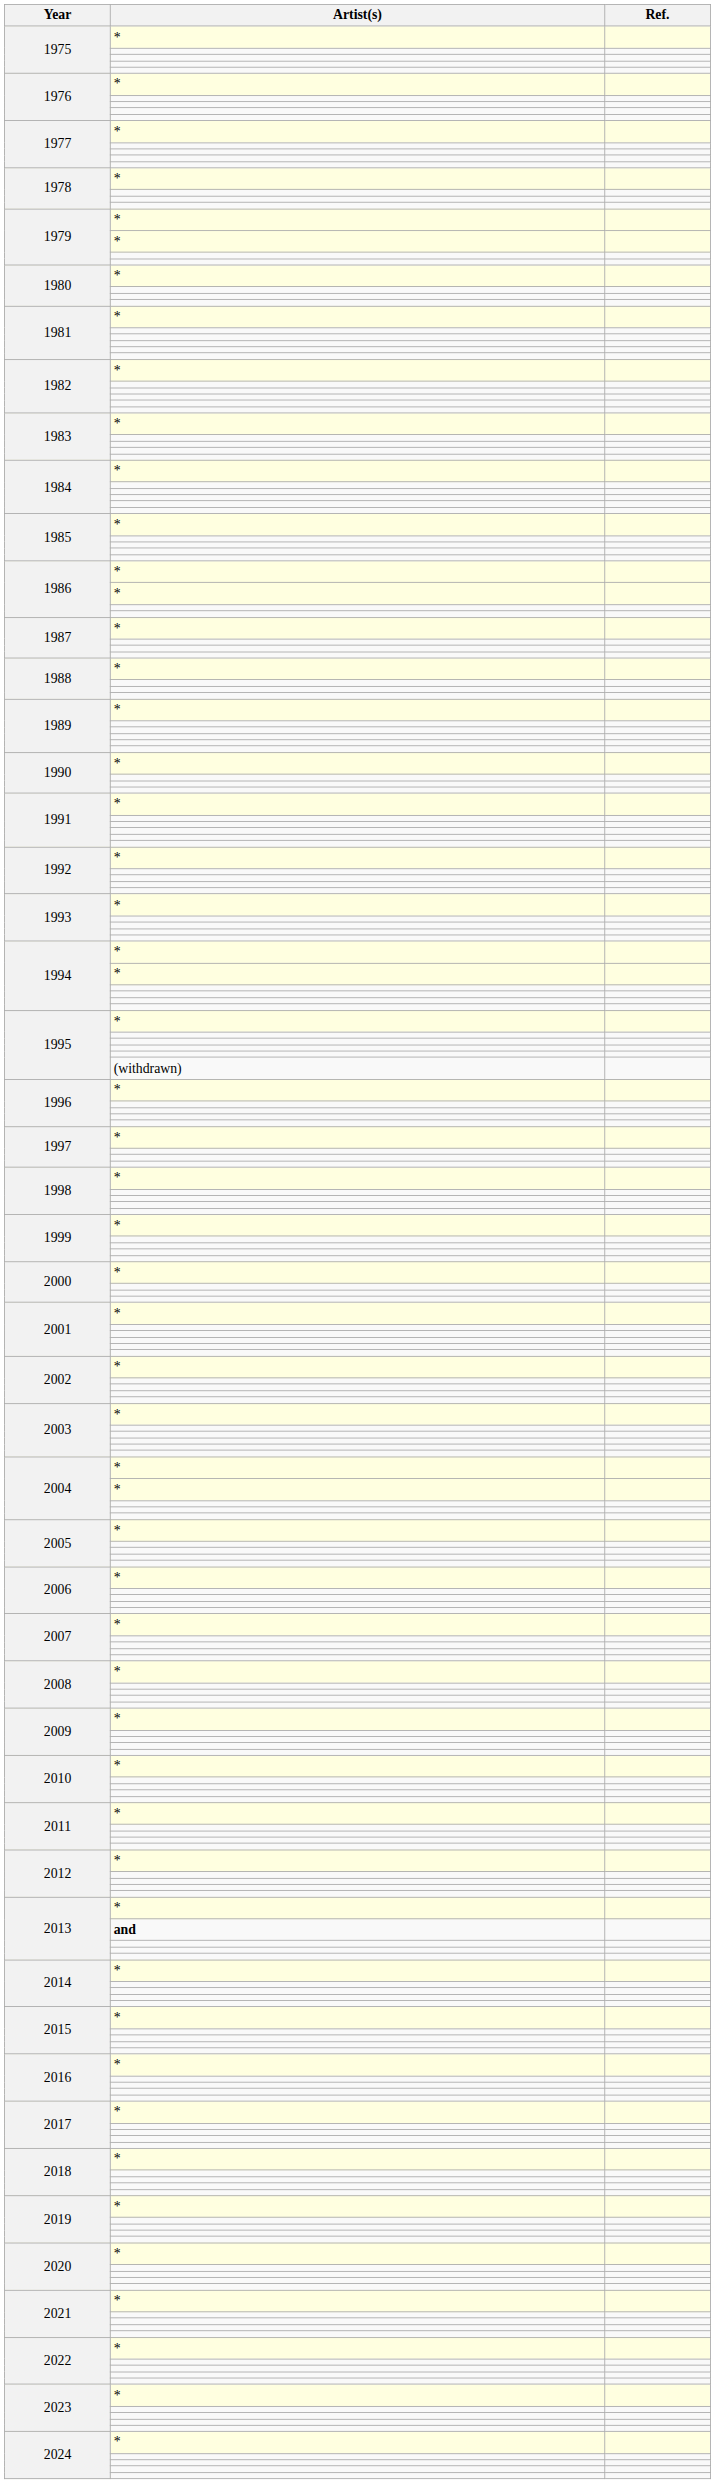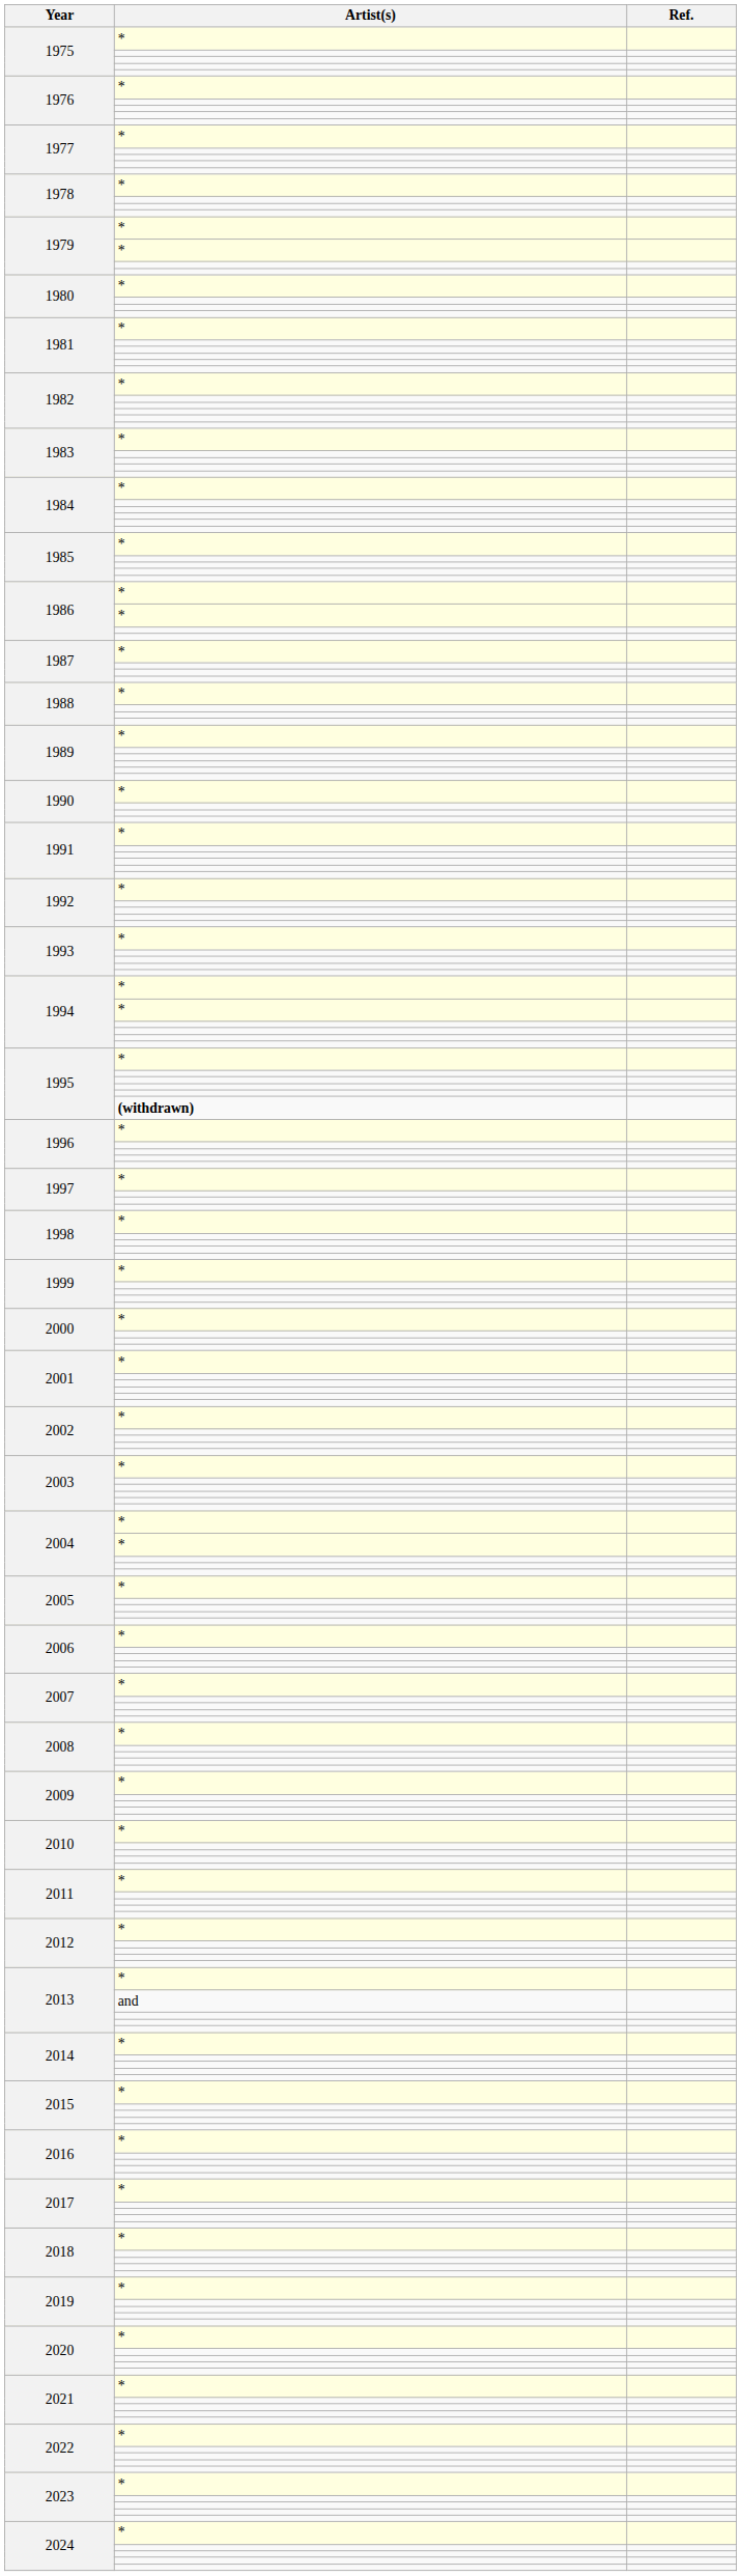 <table class="sortable wikitable" width="65%" cellpadding="5" style="margin: 1em auto 1em auto">
 <tr>
 <th width="15%" scope="col">Year</th>
 <th width="70%" scope="col">Artist(s)</th>
 <th width="15%" scope="col" class="unsortable">Ref.</th>
 </tr>
 <tr style="background:lightyellow;">
 <th scope="rowgroup" align="center" rowspan="5" style="font-weight:normal;">1975</th>
 <td>*</td>
 <td align="center"></td>
 </tr>
 <tr>
 <td></td>
 <td align="center"></td>
 </tr>
 <tr>
 <td></td>
 <td align="center"></td>
 </tr>
 <tr>
 <td></td>
 <td align="center"></td>
 </tr>
 <tr>
 <td></td>
 <td align="center"></td>
 </tr>
 <tr style="background:lightyellow;">
 <th scope="rowgroup" align="center" rowspan="5" style="font-weight:normal;">1976</th>
 <td>*</td>
 <td align="center"></td>
 </tr>
 <tr>
 <td></td>
 <td align="center"></td>
 </tr>
 <tr>
 <td></td>
 <td align="center"></td>
 </tr>
 <tr>
 <td></td>
 <td align="center"></td>
 </tr>
 <tr>
 <td></td>
 <td align="center"></td>
 </tr>
 <tr style="background:lightyellow;">
 <th scope="rowgroup" align="center" rowspan="5" style="font-weight:normal;">1977</th>
 <td>*</td>
 <td align="center"></td>
 </tr>
 <tr>
 <td></td>
 <td align="center"></td>
 </tr>
 <tr>
 <td></td>
 <td align="center"></td>
 </tr>
 <tr>
 <td></td>
 <td align="center"></td>
 </tr>
 <tr>
 <td></td>
 <td align="center"></td>
 </tr>
 <tr style="background:lightyellow;">
 <th scope="rowgroup" align="center" rowspan="4" style="font-weight:normal;">1978</th>
 <td>*</td>
 <td align="center"></td>
 </tr>
 <tr>
 <td></td>
 <td align="center"></td>
 </tr>
 <tr>
 <td></td>
 <td align="center"></td>
 </tr>
 <tr>
 <td></td>
 <td align="center"></td>
 </tr>
 <tr style="background:lightyellow;">
 <th scope="rowgroup" align="center" rowspan="4" style="font-weight:normal;">1979</th>
 <td>*</td>
 <td align="center"></td>
 </tr>
 <tr style="background:lightyellow;">
 <td>*</td>
 <td align="center"></td>
 </tr>
 <tr>
 <td></td>
 <td align="center"></td>
 </tr>
 <tr>
 <td></td>
 <td align="center"></td>
 </tr>
 <tr style="background:lightyellow;">
 <th scope="rowgroup" align="center" rowspan="4" style="font-weight:normal;">1980</th>
 <td>*</td>
 <td align="center"></td>
 </tr>
 <tr>
 <td></td>
 <td align="center"></td>
 </tr>
 <tr>
 <td></td>
 <td align="center"></td>
 </tr>
 <tr>
 <td></td>
 <td align="center"></td>
 </tr>
 <tr style="background:lightyellow;">
 <th scope="rowgroup" align="center" rowspan="6" style="font-weight:normal;">1981</th>
 <td>*</td>
 <td align="center"></td>
 </tr>
 <tr>
 <td></td>
 <td align="center"></td>
 </tr>
 <tr>
 <td></td>
 <td align="center"></td>
 </tr>
 <tr>
 <td></td>
 <td align="center"></td>
 </tr>
 <tr>
 <td></td>
 <td align="center"></td>
 </tr>
 <tr>
 <td></td>
 <td align="center"></td>
 </tr>
 <tr style="background:lightyellow;">
 <th scope="rowgroup" align="center" rowspan="6" style="font-weight:normal;">1982</th>
 <td>*</td>
 <td align="center"></td>
 </tr>
 <tr>
 <td></td>
 <td align="center"></td>
 </tr>
 <tr>
 <td></td>
 <td align="center"></td>
 </tr>
 <tr>
 <td></td>
 <td align="center"></td>
 </tr>
 <tr>
 <td></td>
 <td align="center"></td>
 </tr>
 <tr>
 <td></td>
 <td align="center"></td>
 </tr>
 <tr style="background:lightyellow;">
 <th scope="rowgroup" align="center" rowspan="5" style="font-weight:normal;">1983</th>
 <td>*</td>
 <td align="center"></td>
 </tr>
 <tr>
 <td></td>
 <td align="center"></td>
 </tr>
 <tr>
 <td></td>
 <td align="center"></td>
 </tr>
 <tr>
 <td></td>
 <td align="center"></td>
 </tr>
 <tr>
 <td></td>
 <td align="center"></td>
 </tr>
 <tr style="background:lightyellow;">
 <th scope="rowgroup" align="center" rowspan="6" style="font-weight:normal;">1984</th>
 <td>*</td>
 <td align="center"></td>
 </tr>
 <tr>
 <td></td>
 <td align="center"></td>
 </tr>
 <tr>
 <td></td>
 <td align="center"></td>
 </tr>
 <tr>
 <td></td>
 <td align="center"></td>
 </tr>
 <tr>
 <td></td>
 <td align="center"></td>
 </tr>
 <tr>
 <td></td>
 <td align="center"></td>
 </tr>
 <tr style="background:lightyellow;">
 <th scope="rowgroup" align="center" rowspan="5" style="font-weight:normal;">1985</th>
 <td>*</td>
 <td align="center"></td>
 </tr>
 <tr>
 <td></td>
 <td align="center"></td>
 </tr>
 <tr>
 <td></td>
 <td align="center"></td>
 </tr>
 <tr>
 <td></td>
 <td align="center"></td>
 </tr>
 <tr>
 <td></td>
 <td align="center"></td>
 </tr>
 <tr style="background:lightyellow;">
 <th scope="rowgroup" align="center" rowspan="4" style="font-weight:normal;">1986</th>
 <td>*</td>
 <td align="center"></td>
 </tr>
 <tr style="background:lightyellow;">
 <td>*</td>
 <td align="center"></td>
 </tr>
 <tr>
 <td></td>
 <td align="center"></td>
 </tr>
 <tr>
 <td></td>
 <td align="center"></td>
 </tr>
 <tr style="background:lightyellow;">
 <th scope="rowgroup" align="center" rowspan="4" style="font-weight:normal;">1987</th>
 <td>*</td>
 <td align="center"></td>
 </tr>
 <tr>
 <td></td>
 <td align="center"></td>
 </tr>
 <tr>
 <td></td>
 <td align="center"></td>
 </tr>
 <tr>
 <td></td>
 <td align="center"></td>
 </tr>
 <tr style="background:lightyellow;">
 <th scope="rowgroup" align="center" rowspan="4" style="font-weight:normal;">1988</th>
 <td>*</td>
 <td align="center"></td>
 </tr>
 <tr>
 <td></td>
 <td align="center"></td>
 </tr>
 <tr>
 <td></td>
 <td align="center"></td>
 </tr>
 <tr>
 <td></td>
 <td align="center"></td>
 </tr>
 <tr style="background:lightyellow;">
 <th scope="rowgroup" align="center" rowspan="6" style="font-weight:normal;">1989</th>
 <td>*</td>
 <td align="center"></td>
 </tr>
 <tr>
 <td></td>
 <td align="center"></td>
 </tr>
 <tr>
 <td></td>
 <td align="center"></td>
 </tr>
 <tr>
 <td></td>
 <td align="center"></td>
 </tr>
 <tr>
 <td></td>
 <td align="center"></td>
 </tr>
 <tr>
 <td></td>
 <td align="center"></td>
 </tr>
 <tr style="background:lightyellow;">
 <th scope="rowgroup" align="center" rowspan="4" style="font-weight:normal;">1990</th>
 <td>*</td>
 <td align="center"></td>
 </tr>
 <tr>
 <td></td>
 <td align="center"></td>
 </tr>
 <tr>
 <td></td>
 <td align="center"></td>
 </tr>
 <tr>
 <td></td>
 <td align="center"></td>
 </tr>
 <tr style="background:lightyellow;">
 <th scope="rowgroup" align="center" rowspan="6" style="font-weight:normal;">1991</th>
 <td>*</td>
 <td align="center"></td>
 </tr>
 <tr>
 <td></td>
 <td align="center"></td>
 </tr>
 <tr>
 <td></td>
 <td align="center"></td>
 </tr>
 <tr>
 <td></td>
 <td align="center"></td>
 </tr>
 <tr>
 <td></td>
 <td align="center"></td>
 </tr>
 <tr>
 <td></td>
 <td align="center"></td>
 </tr>
 <tr style="background:lightyellow;">
 <th scope="rowgroup" align="center" rowspan="5" style="font-weight:normal;">1992</th>
 <td>*</td>
 <td align="center"></td>
 </tr>
 <tr>
 <td></td>
 <td align="center"></td>
 </tr>
 <tr>
 <td></td>
 <td align="center"></td>
 </tr>
 <tr>
 <td></td>
 <td align="center"></td>
 </tr>
 <tr>
 <td></td>
 <td align="center"></td>
 </tr>
 <tr style="background:lightyellow;">
 <th scope="rowgroup" align="center" rowspan="5" style="font-weight:normal;">1993</th>
 <td>*</td>
 <td align="center"></td>
 </tr>
 <tr>
 <td></td>
 <td align="center"></td>
 </tr>
 <tr>
 <td></td>
 <td align="center"></td>
 </tr>
 <tr>
 <td></td>
 <td align="center"></td>
 </tr>
 <tr>
 <td></td>
 <td align="center"></td>
 </tr>
 <tr style="background:lightyellow;">
 <th scope="rowgroup" align="center" rowspan="6" style="font-weight:normal;">1994</th>
 <td>*</td>
 <td align="center"></td>
 </tr>
 <tr style="background:lightyellow;">
 <td>*</td>
 <td align="center"></td>
 </tr>
 <tr>
 <td></td>
 <td align="center"></td>
 </tr>
 <tr>
 <td></td>
 <td align="center"></td>
 </tr>
 <tr>
 <td></td>
 <td align="center"></td>
 </tr>
 <tr>
 <td></td>
 <td align="center"></td>
 </tr>
 <tr style="background:lightyellow;">
 <th scope="rowgroup" align="center" rowspan="6" style="font-weight:normal;">1995</th>
 <td>*</td>
 <td align="center"></td>
 </tr>
 <tr>
 <td></td>
 <td align="center"></td>
 </tr>
 <tr>
 <td></td>
 <td align="center"></td>
 </tr>
 <tr>
 <td></td>
 <td align="center"></td>
 </tr>
 <tr>
 <td></td>
 <td align="center"></td>
 </tr>
 <tr>
-<td> (withdrawn)</td>
+<td><strong> (withdrawn)</strong></td>
 <td align="center"></td>
 </tr>
 <tr style="background:lightyellow;">
 <th scope="rowgroup" align="center" rowspan="5" style="font-weight:normal;">1996</th>
 <td>*</td>
 <td align="center"></td>
 </tr>
 <tr>
 <td></td>
 <td align="center"></td>
 </tr>
 <tr>
 <td></td>
 <td align="center"></td>
 </tr>
 <tr>
 <td></td>
 <td align="center"></td>
 </tr>
 <tr>
 <td></td>
 <td align="center"></td>
 </tr>
 <tr style="background:lightyellow;">
 <th scope="rowgroup" align="center" rowspan="4" style="font-weight:normal;">1997</th>
 <td>*</td>
 <td align="center"></td>
 </tr>
 <tr>
 <td></td>
 <td align="center"></td>
 </tr>
 <tr>
 <td></td>
 <td align="center"></td>
 </tr>
 <tr>
 <td></td>
 <td align="center"></td>
 </tr>
 <tr style="background:lightyellow;">
 <th scope="rowgroup" align="center" rowspan="5" style="font-weight:normal;">1998</th>
 <td>*</td>
 <td align="center"></td>
 </tr>
 <tr>
 <td></td>
 <td align="center"></td>
 </tr>
 <tr>
 <td></td>
 <td align="center"></td>
 </tr>
 <tr>
 <td></td>
 <td align="center"></td>
 </tr>
 <tr>
 <td></td>
 <td align="center"></td>
 </tr>
 <tr style="background:lightyellow;">
 <th scope="rowgroup" align="center" rowspan="5" style="font-weight:normal;">1999</th>
 <td>*</td>
 <td align="center"></td>
 </tr>
 <tr>
 <td></td>
 <td align="center"></td>
 </tr>
 <tr>
 <td></td>
 <td align="center"></td>
 </tr>
 <tr>
 <td></td>
 <td align="center"></td>
 </tr>
 <tr>
 <td></td>
 <td align="center"></td>
 </tr>
 <tr style="background:lightyellow;">
 <th scope="rowgroup" align="center" rowspan="4" style="font-weight:normal;">2000</th>
 <td>*</td>
 <td align="center"></td>
 </tr>
 <tr>
 <td></td>
 <td align="center"></td>
 </tr>
 <tr>
 <td></td>
 <td align="center"></td>
 </tr>
 <tr>
 <td></td>
 <td align="center"></td>
 </tr>
 <tr style="background:lightyellow;">
 <th scope="rowgroup" align="center" rowspan="6" style="font-weight:normal;">2001</th>
 <td>*</td>
 <td align="center"></td>
 </tr>
 <tr>
 <td></td>
 <td align="center"></td>
 </tr>
 <tr>
 <td></td>
 <td align="center"></td>
 </tr>
 <tr>
 <td></td>
 <td align="center"></td>
 </tr>
 <tr>
 <td></td>
 <td align="center"></td>
 </tr>
 <tr>
 <td></td>
 <td align="center"></td>
 </tr>
 <tr style="background:lightyellow;">
 <th scope="rowgroup" align="center" rowspan="5" style="font-weight:normal;">2002</th>
 <td>*</td>
 <td align="center"></td>
 </tr>
 <tr>
 <td></td>
 <td align="center"></td>
 </tr>
 <tr>
 <td></td>
 <td align="center"></td>
 </tr>
 <tr>
 <td></td>
 <td align="center"></td>
 </tr>
 <tr>
 <td></td>
 <td align="center"></td>
 </tr>
 <tr style="background:lightyellow;">
 <th scope="rowgroup" align="center" rowspan="6" style="font-weight:normal;">2003</th>
 <td>*</td>
 <td align="center"></td>
 </tr>
 <tr>
 <td></td>
 <td align="center"></td>
 </tr>
 <tr>
 <td></td>
 <td align="center"></td>
 </tr>
 <tr>
 <td></td>
 <td align="center"></td>
 </tr>
 <tr>
 <td></td>
 <td align="center"></td>
 </tr>
 <tr>
 <td></td>
 <td align="center"></td>
 </tr>
 <tr style="background:lightyellow;">
 <th scope="rowgroup" align="center" rowspan="5" style="font-weight:normal;">2004</th>
 <td>*</td>
 <td align="center"></td>
 </tr>
 <tr style="background:lightyellow;">
 <td>*</td>
 <td align="center"></td>
 </tr>
 <tr>
 <td></td>
 <td align="center"></td>
 </tr>
 <tr>
 <td></td>
 <td align="center"></td>
 </tr>
 <tr>
 <td></td>
 <td align="center"></td>
 </tr>
 <tr style="background:lightyellow;">
 <th scope="rowgroup" align="center" rowspan="5" style="font-weight:normal;">2005</th>
 <td>*</td>
 <td align="center"></td>
 </tr>
 <tr>
 <td></td>
 <td align="center"></td>
 </tr>
 <tr>
 <td></td>
 <td align="center"></td>
 </tr>
 <tr>
 <td></td>
 <td align="center"></td>
 </tr>
 <tr>
 <td></td>
 <td align="center"></td>
 </tr>
 <tr style="background:lightyellow;">
 <th scope="rowgroup" align="center" rowspan="5" style="font-weight:normal;">2006</th>
 <td>*</td>
 <td align="center"></td>
 </tr>
 <tr>
 <td></td>
 <td align="center"></td>
 </tr>
 <tr>
 <td></td>
 <td align="center"></td>
 </tr>
 <tr>
 <td></td>
 <td align="center"></td>
 </tr>
 <tr>
 <td></td>
 <td align="center"></td>
 </tr>
 <tr style="background:lightyellow;">
 <th scope="rowgroup" align="center" rowspan="5" style="font-weight:normal;">2007</th>
 <td>*</td>
 <td align="center"></td>
 </tr>
 <tr>
 <td></td>
 <td align="center"></td>
 </tr>
 <tr>
 <td></td>
 <td align="center"></td>
 </tr>
 <tr>
 <td></td>
 <td align="center"></td>
 </tr>
 <tr>
 <td></td>
 <td align="center"></td>
 </tr>
 <tr style="background:lightyellow;">
 <th scope="rowgroup" align="center" rowspan="5" style="font-weight:normal;">2008</th>
 <td>*</td>
 <td align="center"></td>
 </tr>
 <tr>
 <td></td>
 <td align="center"></td>
 </tr>
 <tr>
 <td></td>
 <td align="center"></td>
 </tr>
 <tr>
 <td></td>
 <td align="center"></td>
 </tr>
 <tr>
 <td></td>
 <td align="center"></td>
 </tr>
 <tr style="background:lightyellow;">
 <th scope="rowgroup" align="center" rowspan="5" style="font-weight:normal;">2009</th>
 <td>*</td>
 <td align="center"></td>
 </tr>
 <tr>
 <td></td>
 <td align="center"></td>
 </tr>
 <tr>
 <td></td>
 <td align="center"></td>
 </tr>
 <tr>
 <td></td>
 <td align="center"></td>
 </tr>
 <tr>
 <td></td>
 <td align="center"></td>
 </tr>
 <tr style="background:lightyellow;">
 <th scope="rowgroup" align="center" rowspan="5" style="font-weight:normal;">2010</th>
 <td>*</td>
 <td align="center"></td>
 </tr>
 <tr>
 <td></td>
 <td align="center"></td>
 </tr>
 <tr>
 <td></td>
 <td align="center"></td>
 </tr>
 <tr>
 <td></td>
 <td align="center"></td>
 </tr>
 <tr>
 <td></td>
 <td align="center"></td>
 </tr>
 <tr style="background:lightyellow;">
 <th scope="rowgroup" align="center" rowspan="5" style="font-weight:normal;">2011</th>
 <td>*</td>
 <td align="center"></td>
 </tr>
 <tr>
 <td></td>
 <td align="center"></td>
 </tr>
 <tr>
 <td></td>
 <td align="center"></td>
 </tr>
 <tr>
 <td></td>
 <td align="center"></td>
 </tr>
 <tr>
 <td></td>
 <td align="center"></td>
 </tr>
 <tr style="background:lightyellow;">
 <th scope="rowgroup" align="center" rowspan="5" style="font-weight:normal;">2012</th>
 <td>*</td>
 <td align="center"></td>
 </tr>
 <tr>
 <td></td>
 <td align="center"></td>
 </tr>
 <tr>
 <td></td>
 <td align="center"></td>
 </tr>
 <tr>
 <td></td>
 <td align="center"></td>
 </tr>
 <tr>
 <td></td>
 <td align="center"></td>
 </tr>
 <tr style="background:lightyellow;">
 <th scope="rowgroup" align="center" rowspan="5" style="font-weight:normal;">2013</th>
 <td>*</td>
 <td align="center"></td>
 </tr>
 <tr>
-<td><strong> and </strong></td>
+<td> and </td>
 <td align="center"></td>
 </tr>
 <tr>
 <td></td>
 <td align="center"></td>
 </tr>
 <tr>
 <td></td>
 <td align="center"></td>
 </tr>
 <tr>
 <td></td>
 <td align="center"></td>
 </tr>
 <tr style="background:lightyellow;">
 <th scope="rowgroup" align="center" rowspan="5" style="font-weight:normal;">2014</th>
 <td>*</td>
 <td align="center"></td>
 </tr>
 <tr>
 <td></td>
 <td align="center"></td>
 </tr>
 <tr>
 <td></td>
 <td align="center"></td>
 </tr>
 <tr>
 <td></td>
 <td align="center"></td>
 </tr>
 <tr>
 <td></td>
 <td align="center"></td>
 </tr>
 <tr style="background:lightyellow;">
 <th scope="rowgroup" align="center" rowspan="5" style="font-weight:normal;">2015</th>
 <td>*</td>
 <td align="center"></td>
 </tr>
 <tr>
 <td></td>
 <td align="center"></td>
 </tr>
 <tr>
 <td></td>
 <td align="center"></td>
 </tr>
 <tr>
 <td></td>
 <td align="center"></td>
 </tr>
 <tr>
 <td></td>
 <td align="center"></td>
 </tr>
 <tr style="background:lightyellow;">
 <th scope="rowgroup" align="center" rowspan="5" style="font-weight:normal;">2016</th>
 <td>*</td>
 <td align="center"></td>
 </tr>
 <tr>
 <td></td>
 <td align="center"></td>
 </tr>
 <tr>
 <td></td>
 <td align="center"></td>
 </tr>
 <tr>
 <td></td>
 <td align="center"></td>
 </tr>
 <tr>
 <td></td>
 <td align="center"></td>
 </tr>
 <tr style="background:lightyellow;">
 <th scope="rowgroup" align="center" rowspan="5" style="font-weight:normal;">2017</th>
 <td>*</td>
 <td align="center"></td>
 </tr>
 <tr>
 <td></td>
 <td align="center"></td>
 </tr>
 <tr>
 <td></td>
 <td align="center"></td>
 </tr>
 <tr>
 <td></td>
 <td align="center"></td>
 </tr>
 <tr>
 <td></td>
 <td align="center"></td>
 </tr>
 <tr style="background:lightyellow;">
 <th scope="rowgroup" align="center" rowspan="5" style="font-weight:normal;">2018</th>
 <td>*</td>
 <td align="center"></td>
 </tr>
 <tr>
 <td></td>
 <td align="center"></td>
 </tr>
 <tr>
 <td></td>
 <td align="center"></td>
 </tr>
 <tr>
 <td></td>
 <td align="center"></td>
 </tr>
 <tr>
 <td></td>
 <td align="center"></td>
 </tr>
 <tr style="background:lightyellow;">
 <th scope="rowgroup" align="center" rowspan="5" style="font-weight:normal;">2019</th>
 <td>*</td>
 <td align="center"></td>
 </tr>
 <tr>
 <td></td>
 <td align="center"></td>
 </tr>
 <tr>
 <td></td>
 <td align="center"></td>
 </tr>
 <tr>
 <td></td>
 <td align="center"></td>
 </tr>
 <tr>
 <td></td>
 <td align="center"></td>
 </tr>
 <tr style="background:lightyellow;">
 <th scope="rowgroup" align="center" rowspan="5" style="font-weight:normal;">2020</th>
 <td>*</td>
 <td align="center"></td>
 </tr>
 <tr>
 <td></td>
 <td align="center"></td>
 </tr>
 <tr>
 <td></td>
 <td align="center"></td>
 </tr>
 <tr>
 <td></td>
 <td align="center"></td>
 </tr>
 <tr>
 <td></td>
 <td align="center"></td>
 </tr>
 <tr style="background:lightyellow;">
 <th scope="rowgroup" align="center" rowspan="5" style="font-weight:normal;">2021</th>
 <td>*</td>
 <td align="center"></td>
 </tr>
 <tr>
 <td></td>
 <td align="center"></td>
 </tr>
 <tr>
 <td></td>
 <td align="center"></td>
 </tr>
 <tr>
 <td></td>
 <td align="center"></td>
 </tr>
 <tr>
 <td></td>
 <td align="center"></td>
 </tr>
 <tr style="background:lightyellow;">
 <th scope="rowgroup" align="center" rowspan="5" style="font-weight:normal;">2022</th>
 <td>*</td>
 <td align="center"></td>
 </tr>
 <tr>
 <td></td>
 <td align="center"></td>
 </tr>
 <tr>
 <td></td>
 <td align="center"></td>
 </tr>
 <tr>
 <td></td>
 <td align="center"></td>
 </tr>
 <tr>
 <td></td>
 <td align="center"></td>
 </tr>
 <tr style="background:lightyellow;">
 <th scope="rowgroup" align="center" rowspan="5" style="font-weight:normal;">2023</th>
 <td>*</td>
 <td align="center"></td>
 </tr>
 <tr>
 <td></td>
 <td align="center"></td>
 </tr>
 <tr>
 <td></td>
 <td align="center"></td>
 </tr>
 <tr>
 <td></td>
 <td align="center"></td>
 </tr>
 <tr>
 <td></td>
 <td align="center"></td>
 </tr>
 <tr style="background:lightyellow;">
 <th scope="rowgroup" align="center" rowspan="5" style="font-weight:normal;">2024</th>
 <td>*</td>
 <td align="center"></td>
 </tr>
 <tr>
 <td></td>
 <td align="center"></td>
 </tr>
 <tr>
 <td></td>
 <td align="center"></td>
 </tr>
 <tr>
 <td></td>
 <td align="center"></td>
 </tr>
 <tr>
 <td></td>
 <td align="center"></td>
 </tr>
 </table>
